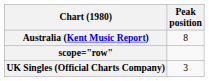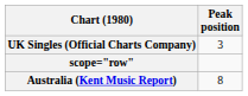 <table class="wikitable sortable plainrowheaders" style="text-align:center">
 <tr>
 <th scope="col">Chart (1980)</th>
 <th scope="col">Peak<br>position</th>
 </tr>
 <tr>
-<th scope="row">Australia (<a href='#'>Kent Music Report</a>)</th>
-<td style="text-align:center;">8</td>
+<th scope="row">UK Singles (Official Charts Company)</th>
+<td>3</td>
 </tr>
 <tr>
 <th>scope="row"</th>
 </tr>
 <tr>
-<th scope="row">UK Singles (Official Charts Company)</th>
-<td>3</td>
+<th scope="row">Australia (<a href='#'>Kent Music Report</a>)</th>
+<td style="text-align:center;">8</td>
 </tr>
 </table>
